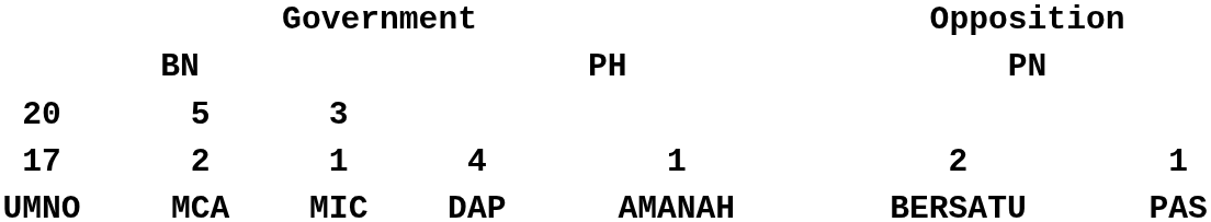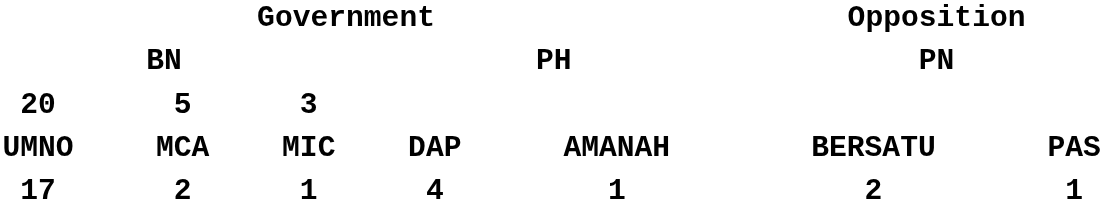 <table style="width:40em;">
 <tr style="text-align:center;">
 <td colspan="5" style="color:"><strong>Government</strong></td>
 <td colspan="2" style="color:"><strong>Opposition</strong></td>
 </tr>
 <tr style="text-align:center;">
 <td colspan="3" style="color:"><strong>BN</strong></td>
 <td colspan="2" style="color:"><strong>PH</strong></td>
 <td colspan="2" style="color:"><strong>PN</strong></td>
 </tr>
 <tr style="text-align:center;">
 <td style="background:"><strong>20</strong></td>
 <td style="background:"><strong>5</strong></td>
 <td style="background:"><strong>3</strong></td>
 </tr>
 <tr style="text-align:center;">
+<td style="color:"><strong>UMNO</strong></td>
+<td style="color:"><strong>MCA</strong></td>
+<td style="color:"><strong>MIC</strong></td>
+<td style="color:"><strong>DAP</strong></td>
+<td style="color:"><strong>AMANAH</strong></td>
+<td style="color:"><strong>BERSATU</strong></td>
+<td style="color:"><strong>PAS</strong></td>
+</tr>
+<tr style="text-align:center;">
 <td style="background:"><strong>17</strong></td>
 <td style="background:"><strong>2</strong></td>
 <td style="background:"><strong>1</strong></td>
 <td style="background:"><strong>4</strong></td>
 <td style="background:"><strong>1</strong></td>
 <td style="background:"><strong>2</strong></td>
 <td style="background:"><strong>1</strong></td>
 </tr>
-<tr style="text-align:center;">
-<td style="color:"><strong>UMNO</strong></td>
-<td style="color:"><strong>MCA</strong></td>
-<td style="color:"><strong>MIC</strong></td>
-<td style="color:"><strong>DAP</strong></td>
-<td style="color:"><strong>AMANAH</strong></td>
-<td style="color:"><strong>BERSATU</strong></td>
-<td style="color:"><strong>PAS</strong></td>
-</tr>
 </table>
